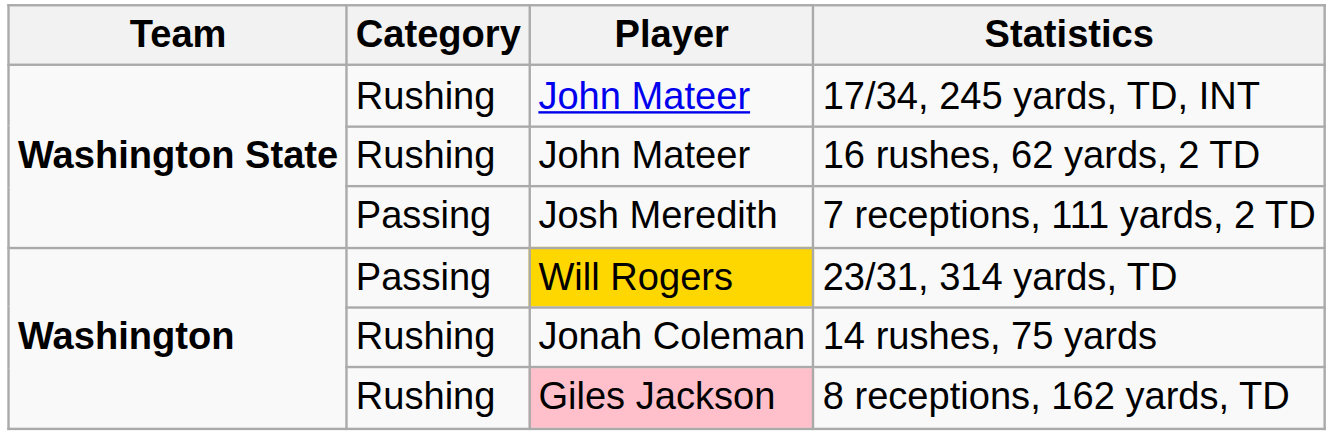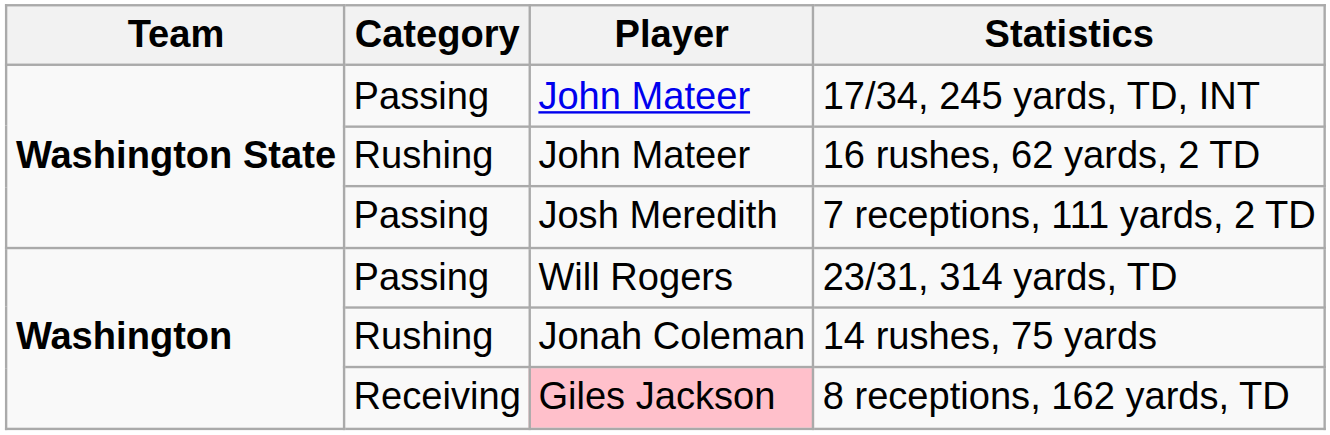 <table class="wikitable" style="float: right;">
 <tr>
 <th>Team</th>
 <th>Category</th>
 <th>Player</th>
 <th>Statistics</th>
 </tr>
 <tr>
 <td rowspan=3><strong>Washington State</strong></td>
-<td>Rushing</td>
+<td>Passing</td>
 <td><a href='#'>John Mateer</a></td>
 <td>17/34, 245 yards, TD, INT</td>
 </tr>
 <tr>
 <td>Rushing</td>
 <td>John Mateer</td>
 <td>16 rushes, 62 yards, 2 TD</td>
 </tr>
 <tr>
 <td>Passing</td>
 <td>Josh Meredith</td>
 <td>7 receptions, 111 yards, 2 TD</td>
 </tr>
 <tr>
 <td rowspan=3><strong>Washington</strong></td>
 <td>Passing</td>
-<td style="background: gold;">Will Rogers</td>
+<td>Will Rogers</td>
 <td>23/31, 314 yards, TD</td>
 </tr>
 <tr>
 <td>Rushing</td>
 <td>Jonah Coleman</td>
 <td>14 rushes, 75 yards</td>
 </tr>
 <tr>
-<td>Rushing</td>
+<td>Receiving</td>
 <td style="background: pink;">Giles Jackson</td>
 <td>8 receptions, 162 yards, TD</td>
 </tr>
 </table>
